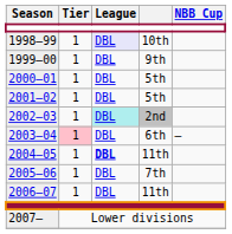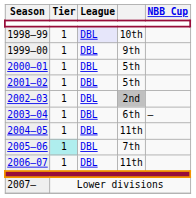 <table class="wikitable" style="font-size:85%">
 <tr bgcolor=>
 <th>Season</th>
 <th>Tier</th>
 <th>League</th>
 <th></th>
 <th><a href='#'>NBB Cup</a></th>
 </tr>
 <tr>
 <td colspan=5 style="background:white; color:black; border:2px solid #970D3A;"></td>
 </tr>
 <tr>
 <td style="background:#efefef;">1998–99</td>
 <td align="center">1</td>
 <td style="background: lavender;"><a href='#'>DBL</a></td>
 <td align="center">10th</td>
 <td style="background: "></td>
 </tr>
 <tr>
 <td style="background:#efefef;">1999–00</td>
 <td align="center">1</td>
 <td><a href='#'>DBL</a></td>
 <td align="center">9th</td>
 <td></td>
 </tr>
 <tr>
 <td style="background:#efefef;"><a href='#'>2000–01</a></td>
 <td align="center">1</td>
 <td><a href='#'>DBL</a></td>
 <td align="center">5th</td>
 <td style="background: "></td>
 </tr>
 <tr>
 <td style="background:#efefef;"><a href='#'>2001–02</a></td>
 <td align="center">1</td>
 <td><a href='#'>DBL</a></td>
 <td align="center">5th</td>
 <td style="background: "></td>
 </tr>
 <tr>
 <td style="background:#efefef;"><a href='#'>2002–03</a></td>
 <td align="center">1</td>
-<td style="background: paleturquoise;"><a href='#'>DBL</a></td>
+<td><a href='#'>DBL</a></td>
 <td align="center" bgcolor=silver>2nd</td>
 <td style="background: "></td>
 </tr>
 <tr>
 <td style="background:#efefef;"><a href='#'>2003–04</a></td>
-<td align="center" style="background: pink;">1</td>
+<td align="center">1</td>
 <td><a href='#'>DBL</a></td>
 <td align="center">6th</td>
 <td style="background: ">–</td>
 </tr>
 <tr>
 <td style="background:#efefef;"><a href='#'>2004–05</a></td>
 <td align="center">1</td>
-<td><strong><a href='#'>DBL</a></strong></td>
+<td><a href='#'>DBL</a></td>
 <td align="center">11th</td>
 <td style="background: "></td>
 </tr>
 <tr>
 <td style="background:#efefef;"><a href='#'>2005–06</a></td>
-<td align="center">1</td>
+<td align="center" style="background: paleturquoise;">1</td>
 <td><a href='#'>DBL</a></td>
 <td align="center">7th</td>
 <td style="background: "></td>
 </tr>
 <tr>
 <td style="background:#efefef;"><a href='#'>2006–07</a></td>
 <td align="center">1</td>
 <td><a href='#'>DBL</a></td>
 <td align="center">11th</td>
 <td style="background: "></td>
 </tr>
 <tr>
 <td colspan=5 style="background:#970D3A; color:white; border:2px solid #F29400;"></td>
 </tr>
 <tr>
 <td style="background:#efefef;">2007–</td>
 <td colspan=5 align="center">Lower divisions</td>
 </tr>
 <tr>
 </tr>
 </table>
